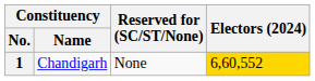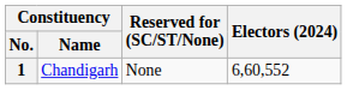 <table class="wikitable sortable">
 <tr>
 <th scope=colgroup colspan="2">Constituency</th>
 <th scope=col rowspan=2>Reserved for<br>(SC/ST/None)</th>
 <th rowspan="2">Electors (2024)</th>
 </tr>
 <tr>
 <th scope=col>No.</th>
 <th scope=col>Name</th>
 </tr>
 <tr>
 <th scope=row>1</th>
 <td><a href='#'>Chandigarh</a></td>
 <td>None</td>
-<td style="background: gold;">6,60,552</td>
+<td>6,60,552</td>
 </tr>
 </table>
